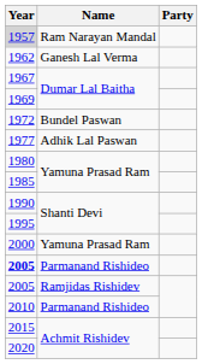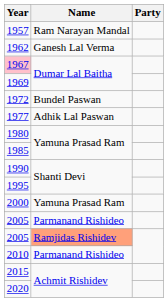 <table class="wikitable sortable">
 <tr>
 <th>Year</th>
 <th>Name</th>
 <th colspan="2">Party</th>
 </tr>
 <tr>
-<td style="background: lightgrey;"><a href='#'>1957</a></td>
+<td><a href='#'>1957</a></td>
 <td>Ram Narayan Mandal</td>
 <td></td>
 </tr>
 <tr>
 <td><a href='#'>1962</a></td>
 <td>Ganesh Lal Verma</td>
 <td></td>
 </tr>
 <tr>
-<td><a href='#'>1967</a></td>
+<td style="background: pink;"><a href='#'>1967</a></td>
 <td rowspan="2"><a href='#'>Dumar Lal Baitha</a></td>
 <td></td>
 </tr>
 <tr>
 <td><a href='#'>1969</a></td>
 </tr>
 <tr>
 <td><a href='#'>1972</a></td>
 <td>Bundel Paswan</td>
 <td></td>
 </tr>
 <tr>
 <td><a href='#'>1977</a></td>
 <td>Adhik Lal Paswan</td>
 <td></td>
 </tr>
 <tr>
 <td><a href='#'>1980</a></td>
 <td rowspan="2">Yamuna Prasad Ram</td>
 <td></td>
 </tr>
 <tr>
 <td><a href='#'>1985</a></td>
 <td></td>
 </tr>
 <tr>
 <td><a href='#'>1990</a></td>
 <td rowspan="2">Shanti Devi</td>
 <td></td>
 </tr>
 <tr>
 <td><a href='#'>1995</a></td>
 </tr>
 <tr>
 <td><a href='#'>2000</a></td>
 <td>Yamuna Prasad Ram</td>
 <td></td>
 </tr>
 <tr>
-<td><strong><a href='#'>2005</a></strong></td>
+<td><a href='#'>2005</a></td>
 <td><a href='#'>Parmanand Rishideo</a></td>
 <td></td>
 </tr>
 <tr>
 <td><a href='#'>2005</a></td>
-<td><a href='#'>Ramjidas Rishidev</a></td>
+<td style="background: lightsalmon;"><a href='#'>Ramjidas Rishidev</a></td>
 </tr>
 <tr>
 <td><a href='#'>2010</a></td>
 <td><a href='#'>Parmanand Rishideo</a></td>
 </tr>
 <tr>
 <td><a href='#'>2015</a></td>
 <td rowspan="2"><a href='#'>Achmit Rishidev</a></td>
 <td></td>
 </tr>
 <tr>
 <td><a href='#'>2020</a></td>
 </tr>
 </table>
